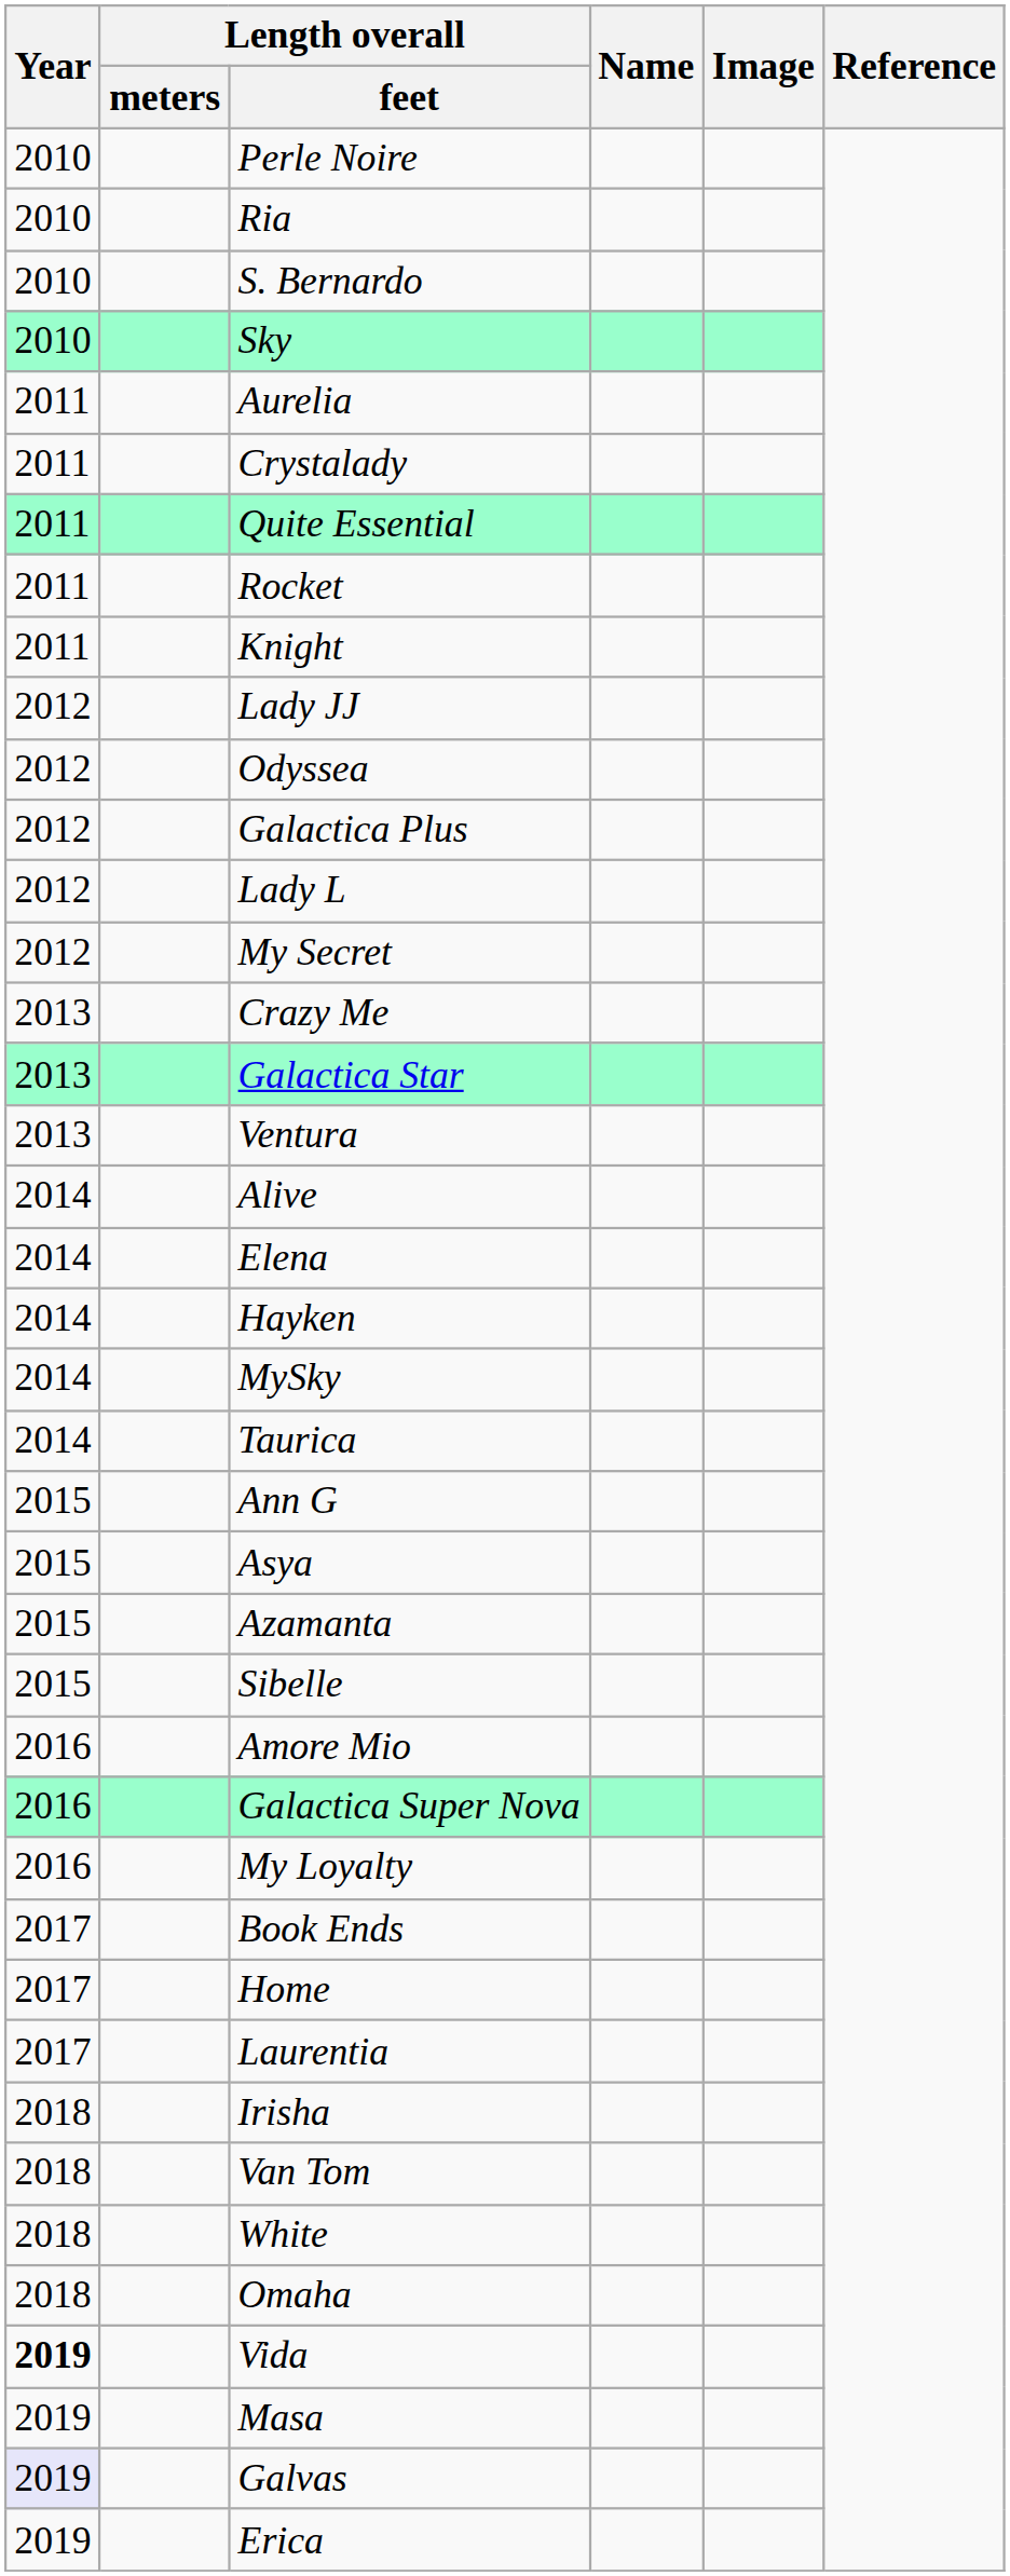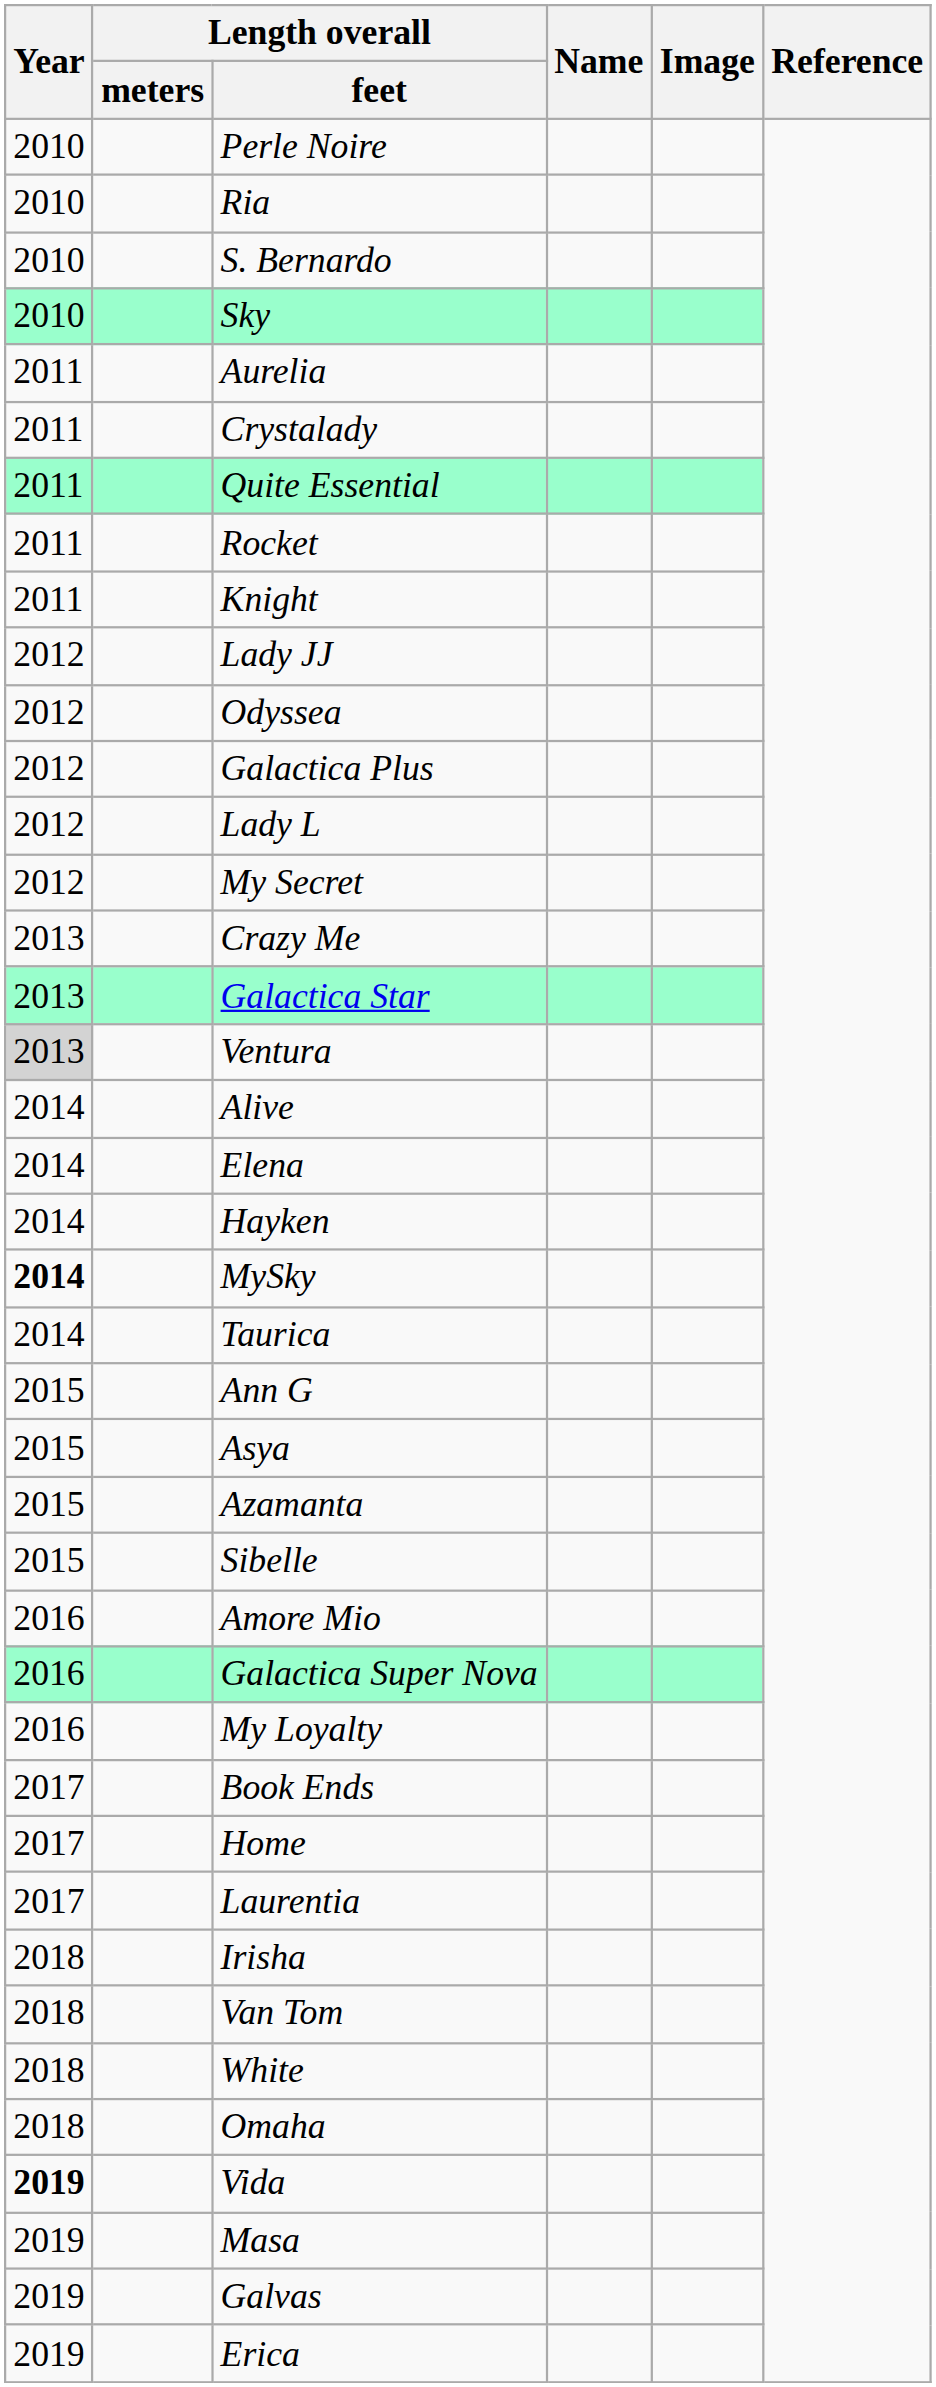 <table class="wikitable sortable">
 <tr>
 <th rowspan=2>Year</th>
 <th colspan=2>Length overall</th>
 <th rowspan=2>Name</th>
 <th rowspan=2>Image</th>
 <th rowspan=2>Reference</th>
 </tr>
 <tr>
 <th>meters</th>
 <th>feet</th>
 </tr>
 <tr>
 <td>2010</td>
 <td></td>
 <td><em>Perle Noire</em></td>
 <td></td>
 <td></td>
 </tr>
 <tr>
 <td>2010</td>
 <td></td>
 <td><em>Ria</em></td>
 <td></td>
 <td></td>
 </tr>
 <tr>
 <td>2010</td>
 <td></td>
 <td><em>S. Bernardo</em></td>
 <td></td>
 <td></td>
 </tr>
 <tr style="background:#9fc;">
 <td>2010</td>
 <td></td>
 <td><em>Sky</em></td>
 <td></td>
 <td></td>
 </tr>
 <tr>
 <td>2011</td>
 <td></td>
 <td><em>Aurelia</em></td>
 <td></td>
 <td></td>
 </tr>
 <tr>
 <td>2011</td>
 <td></td>
 <td><em>Crystalady</em></td>
 <td></td>
 <td></td>
 </tr>
 <tr style="background:#9fc;">
 <td>2011</td>
 <td></td>
 <td><em>Quite Essential</em></td>
 <td></td>
 <td></td>
 </tr>
 <tr>
 <td>2011</td>
 <td></td>
 <td><em>Rocket</em></td>
 <td></td>
 <td></td>
 </tr>
 <tr>
 <td>2011</td>
 <td></td>
 <td><em>Knight</em></td>
 <td></td>
 <td></td>
 </tr>
 <tr>
 <td>2012</td>
 <td></td>
 <td><em>Lady JJ</em></td>
 <td></td>
 <td></td>
 </tr>
 <tr>
 <td>2012</td>
 <td></td>
 <td><em>Odyssea</em></td>
 <td></td>
 <td></td>
 </tr>
 <tr>
 <td>2012</td>
 <td></td>
 <td><em>Galactica Plus</em></td>
 <td></td>
 <td></td>
 </tr>
 <tr>
 <td>2012</td>
 <td></td>
 <td><em>Lady L</em></td>
 <td></td>
 <td></td>
 </tr>
 <tr>
 <td>2012</td>
 <td></td>
 <td><em>My Secret</em></td>
 <td></td>
 <td></td>
 </tr>
 <tr>
 <td>2013</td>
 <td></td>
 <td><em>Crazy Me</em></td>
 <td></td>
 <td></td>
 </tr>
 <tr style="background:#9fc;">
 <td>2013</td>
 <td></td>
 <td><em><a href='#'>Galactica Star</a></em></td>
 <td></td>
 <td></td>
 </tr>
 <tr>
-<td>2013</td>
+<td style="background: lightgrey;">2013</td>
 <td></td>
 <td><em>Ventura</em></td>
 <td></td>
 <td></td>
 </tr>
 <tr>
 <td>2014</td>
 <td></td>
 <td><em>Alive</em></td>
 <td></td>
 <td></td>
 </tr>
 <tr>
 <td>2014</td>
 <td></td>
 <td><em>Elena</em></td>
 <td></td>
 <td></td>
 </tr>
 <tr>
 <td>2014</td>
 <td></td>
 <td><em>Hayken</em></td>
 <td></td>
 <td></td>
 </tr>
 <tr>
-<td>2014</td>
+<td><strong>2014</strong></td>
 <td></td>
 <td><em>MySky</em></td>
 <td></td>
 <td></td>
 </tr>
 <tr>
 <td>2014</td>
 <td></td>
 <td><em>Taurica</em></td>
 <td></td>
 <td></td>
 </tr>
 <tr>
 <td>2015</td>
 <td></td>
 <td><em>Ann G</em></td>
 <td></td>
 <td></td>
 </tr>
 <tr>
 <td>2015</td>
 <td></td>
 <td><em>Asya</em></td>
 <td></td>
 <td></td>
 </tr>
 <tr>
 <td>2015</td>
 <td></td>
 <td><em>Azamanta</em></td>
 <td></td>
 <td></td>
 </tr>
 <tr>
 <td>2015</td>
 <td></td>
 <td><em>Sibelle</em></td>
 <td></td>
 <td></td>
 </tr>
 <tr>
 <td>2016</td>
 <td></td>
 <td><em>Amore Mio</em></td>
 <td></td>
 <td></td>
 </tr>
 <tr style="background:#9fc;">
 <td>2016</td>
 <td></td>
 <td><em>Galactica Super Nova</em></td>
 <td></td>
 <td></td>
 </tr>
 <tr>
 <td>2016</td>
 <td></td>
 <td><em>My Loyalty</em></td>
 <td></td>
 <td></td>
 </tr>
 <tr>
 <td>2017</td>
 <td></td>
 <td><em>Book Ends</em></td>
 <td></td>
 <td></td>
 </tr>
 <tr>
 <td>2017</td>
 <td></td>
 <td><em>Home</em></td>
 <td></td>
 <td></td>
 </tr>
 <tr>
 <td>2017</td>
 <td></td>
 <td><em>Laurentia</em></td>
 <td></td>
 <td></td>
 </tr>
 <tr>
 <td>2018</td>
 <td></td>
 <td><em>Irisha</em></td>
 <td></td>
 <td></td>
 </tr>
 <tr>
 <td>2018</td>
 <td></td>
 <td><em>Van Tom</em></td>
 <td></td>
 <td></td>
 </tr>
 <tr>
 <td>2018</td>
 <td></td>
 <td><em>White</em></td>
 <td></td>
 <td></td>
 </tr>
 <tr>
 <td>2018</td>
 <td></td>
 <td><em>Omaha</em></td>
 <td></td>
 <td></td>
 </tr>
 <tr>
 <td><strong>2019</strong></td>
 <td></td>
 <td><em>Vida</em></td>
 <td></td>
 <td></td>
 </tr>
 <tr>
 <td>2019</td>
 <td></td>
 <td><em>Masa</em></td>
 <td></td>
 <td></td>
 </tr>
 <tr>
-<td style="background: lavender;">2019</td>
+<td>2019</td>
 <td></td>
 <td><em>Galvas</em></td>
 <td></td>
 <td></td>
 </tr>
 <tr>
 <td>2019</td>
 <td></td>
 <td><em>Erica</em></td>
 <td></td>
 <td></td>
 </tr>
 </table>
